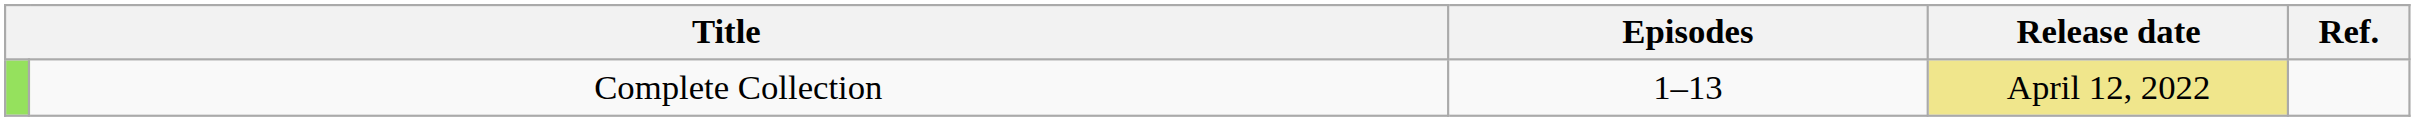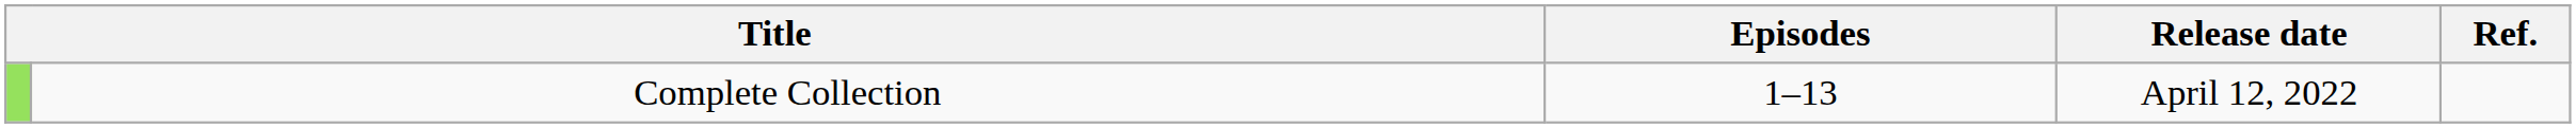 <table class="wikitable" style="text-align: center; width: 70%;">
 <tr>
 <th colspan="2">Title</th>
 <th width="20%">Episodes</th>
 <th width="15%">Release date</th>
 <th width="5%">Ref.</th>
 </tr>
 <tr>
 <td rowspan="1" width="1%" style="background: #95E15D;"></td>
 <td>Complete Collection</td>
 <td>1–13</td>
-<td style="background: khaki;">April 12, 2022</td>
+<td>April 12, 2022</td>
 <td></td>
 </tr>
 </table>
